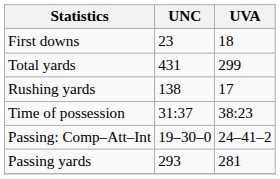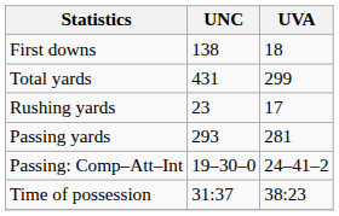 <table class="wikitable" style="float: left;">
 <tr>
 <th>Statistics</th>
 <th>UNC</th>
 <th>UVA</th>
 </tr>
 <tr>
 <td>First downs</td>
-<td>23</td>
+<td>138</td>
 <td>18</td>
 </tr>
 <tr>
 <td>Total yards</td>
 <td>431</td>
 <td>299</td>
 </tr>
 <tr>
 <td>Rushing yards</td>
-<td>138</td>
+<td>23</td>
 <td>17</td>
+</tr>
+<tr>
+<td>Passing yards</td>
+<td>293</td>
+<td>281</td>
+</tr>
+<tr>
+<td>Passing: Comp–Att–Int</td>
+<td>19–30–0</td>
+<td>24–41–2</td>
 </tr>
 <tr>
 <td>Time of possession</td>
 <td>31:37</td>
 <td>38:23</td>
 </tr>
 <tr>
-<td>Passing: Comp–Att–Int</td>
-<td>19–30–0</td>
-<td>24–41–2</td>
-</tr>
-<tr>
-<td>Passing yards</td>
-<td>293</td>
-<td>281</td>
-</tr>
-<tr>
 </tr>
 </table>
